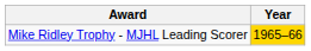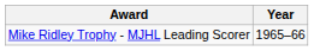 <table class="wikitable">
 <tr>
 <th>Award</th>
 <th>Year</th>
 </tr>
 <tr>
 <td><a href='#'>Mike Ridley Trophy</a> - <a href='#'>MJHL</a> Leading Scorer</td>
-<td style="background: gold;">1965–66</td>
+<td>1965–66</td>
 </tr>
 </table>
